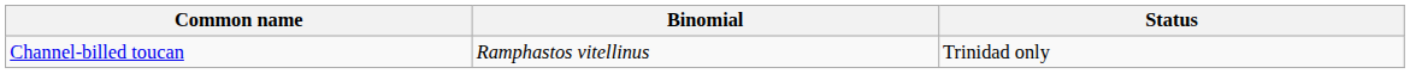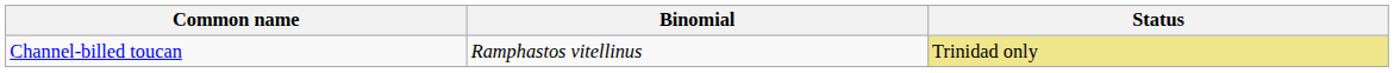 <table width=72% class="wikitable">
 <tr>
 <th width=24%>Common name</th>
 <th width=24%>Binomial</th>
 <th width=24%>Status</th>
 </tr>
 <tr>
 <td><a href='#'>Channel-billed toucan</a></td>
 <td><em>Ramphastos vitellinus</em></td>
-<td>Trinidad only</td>
+<td style="background: khaki;">Trinidad only</td>
 </tr>
 <tr>
 </tr>
 </table>
